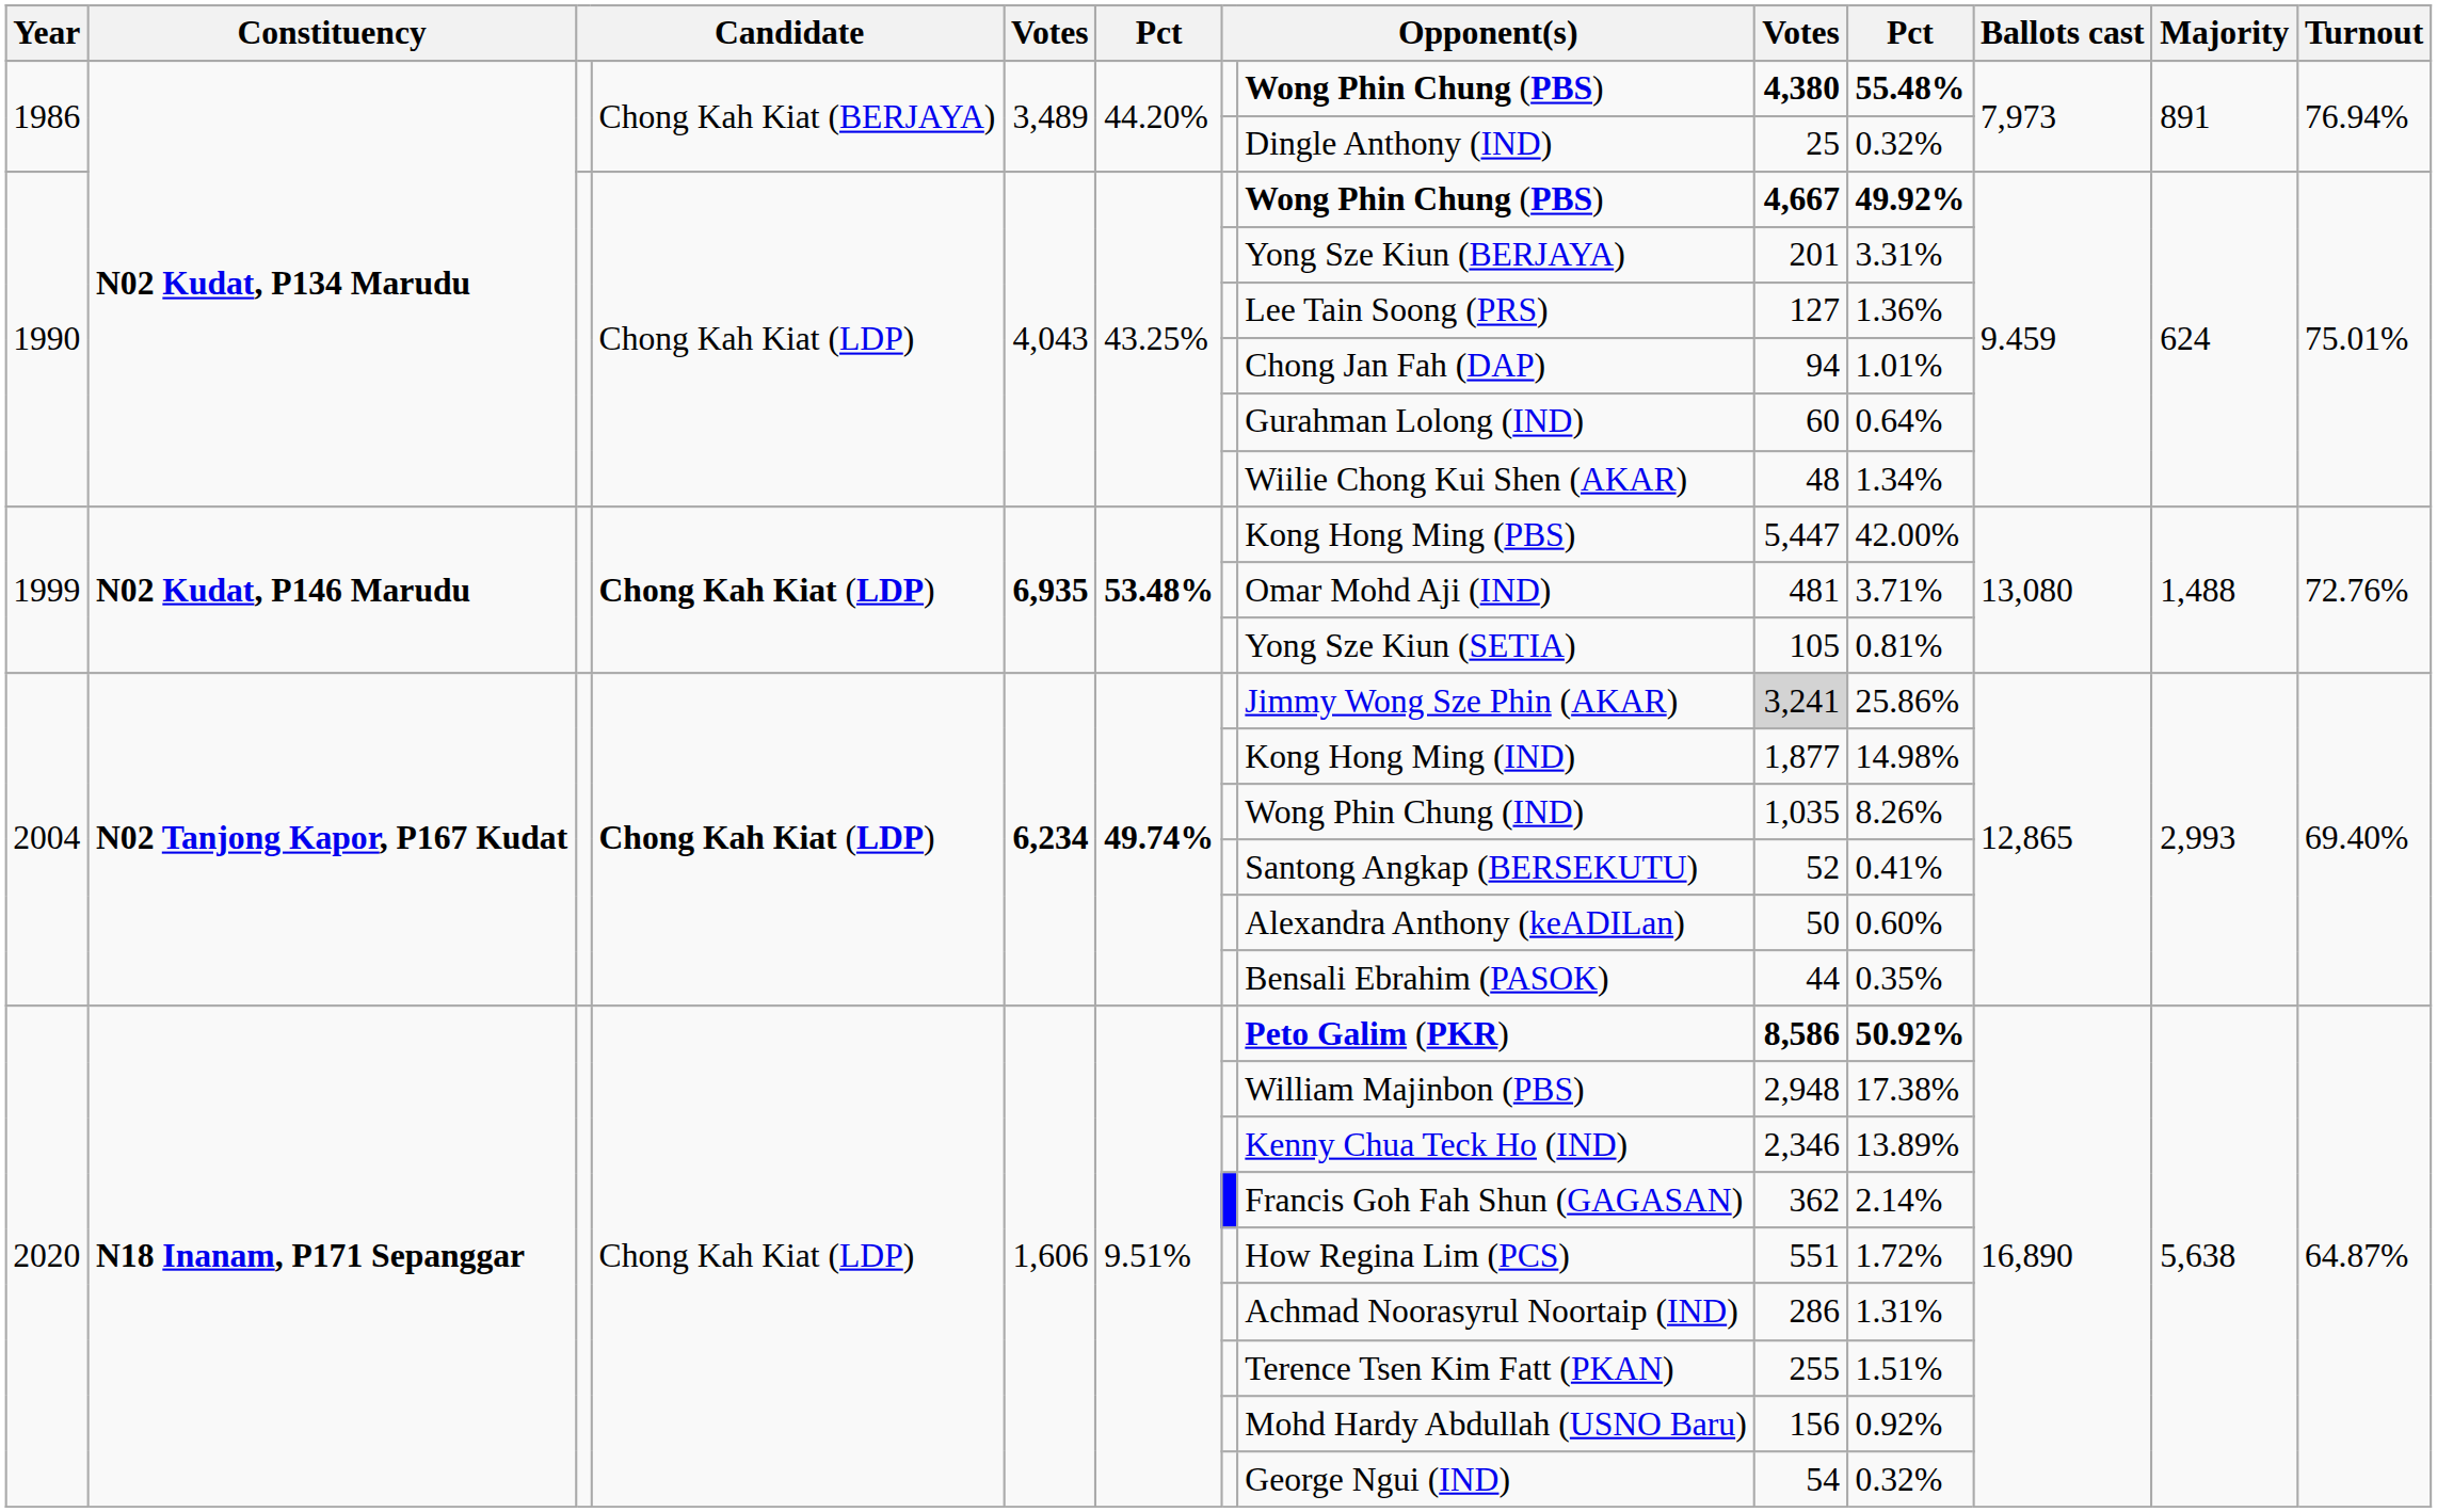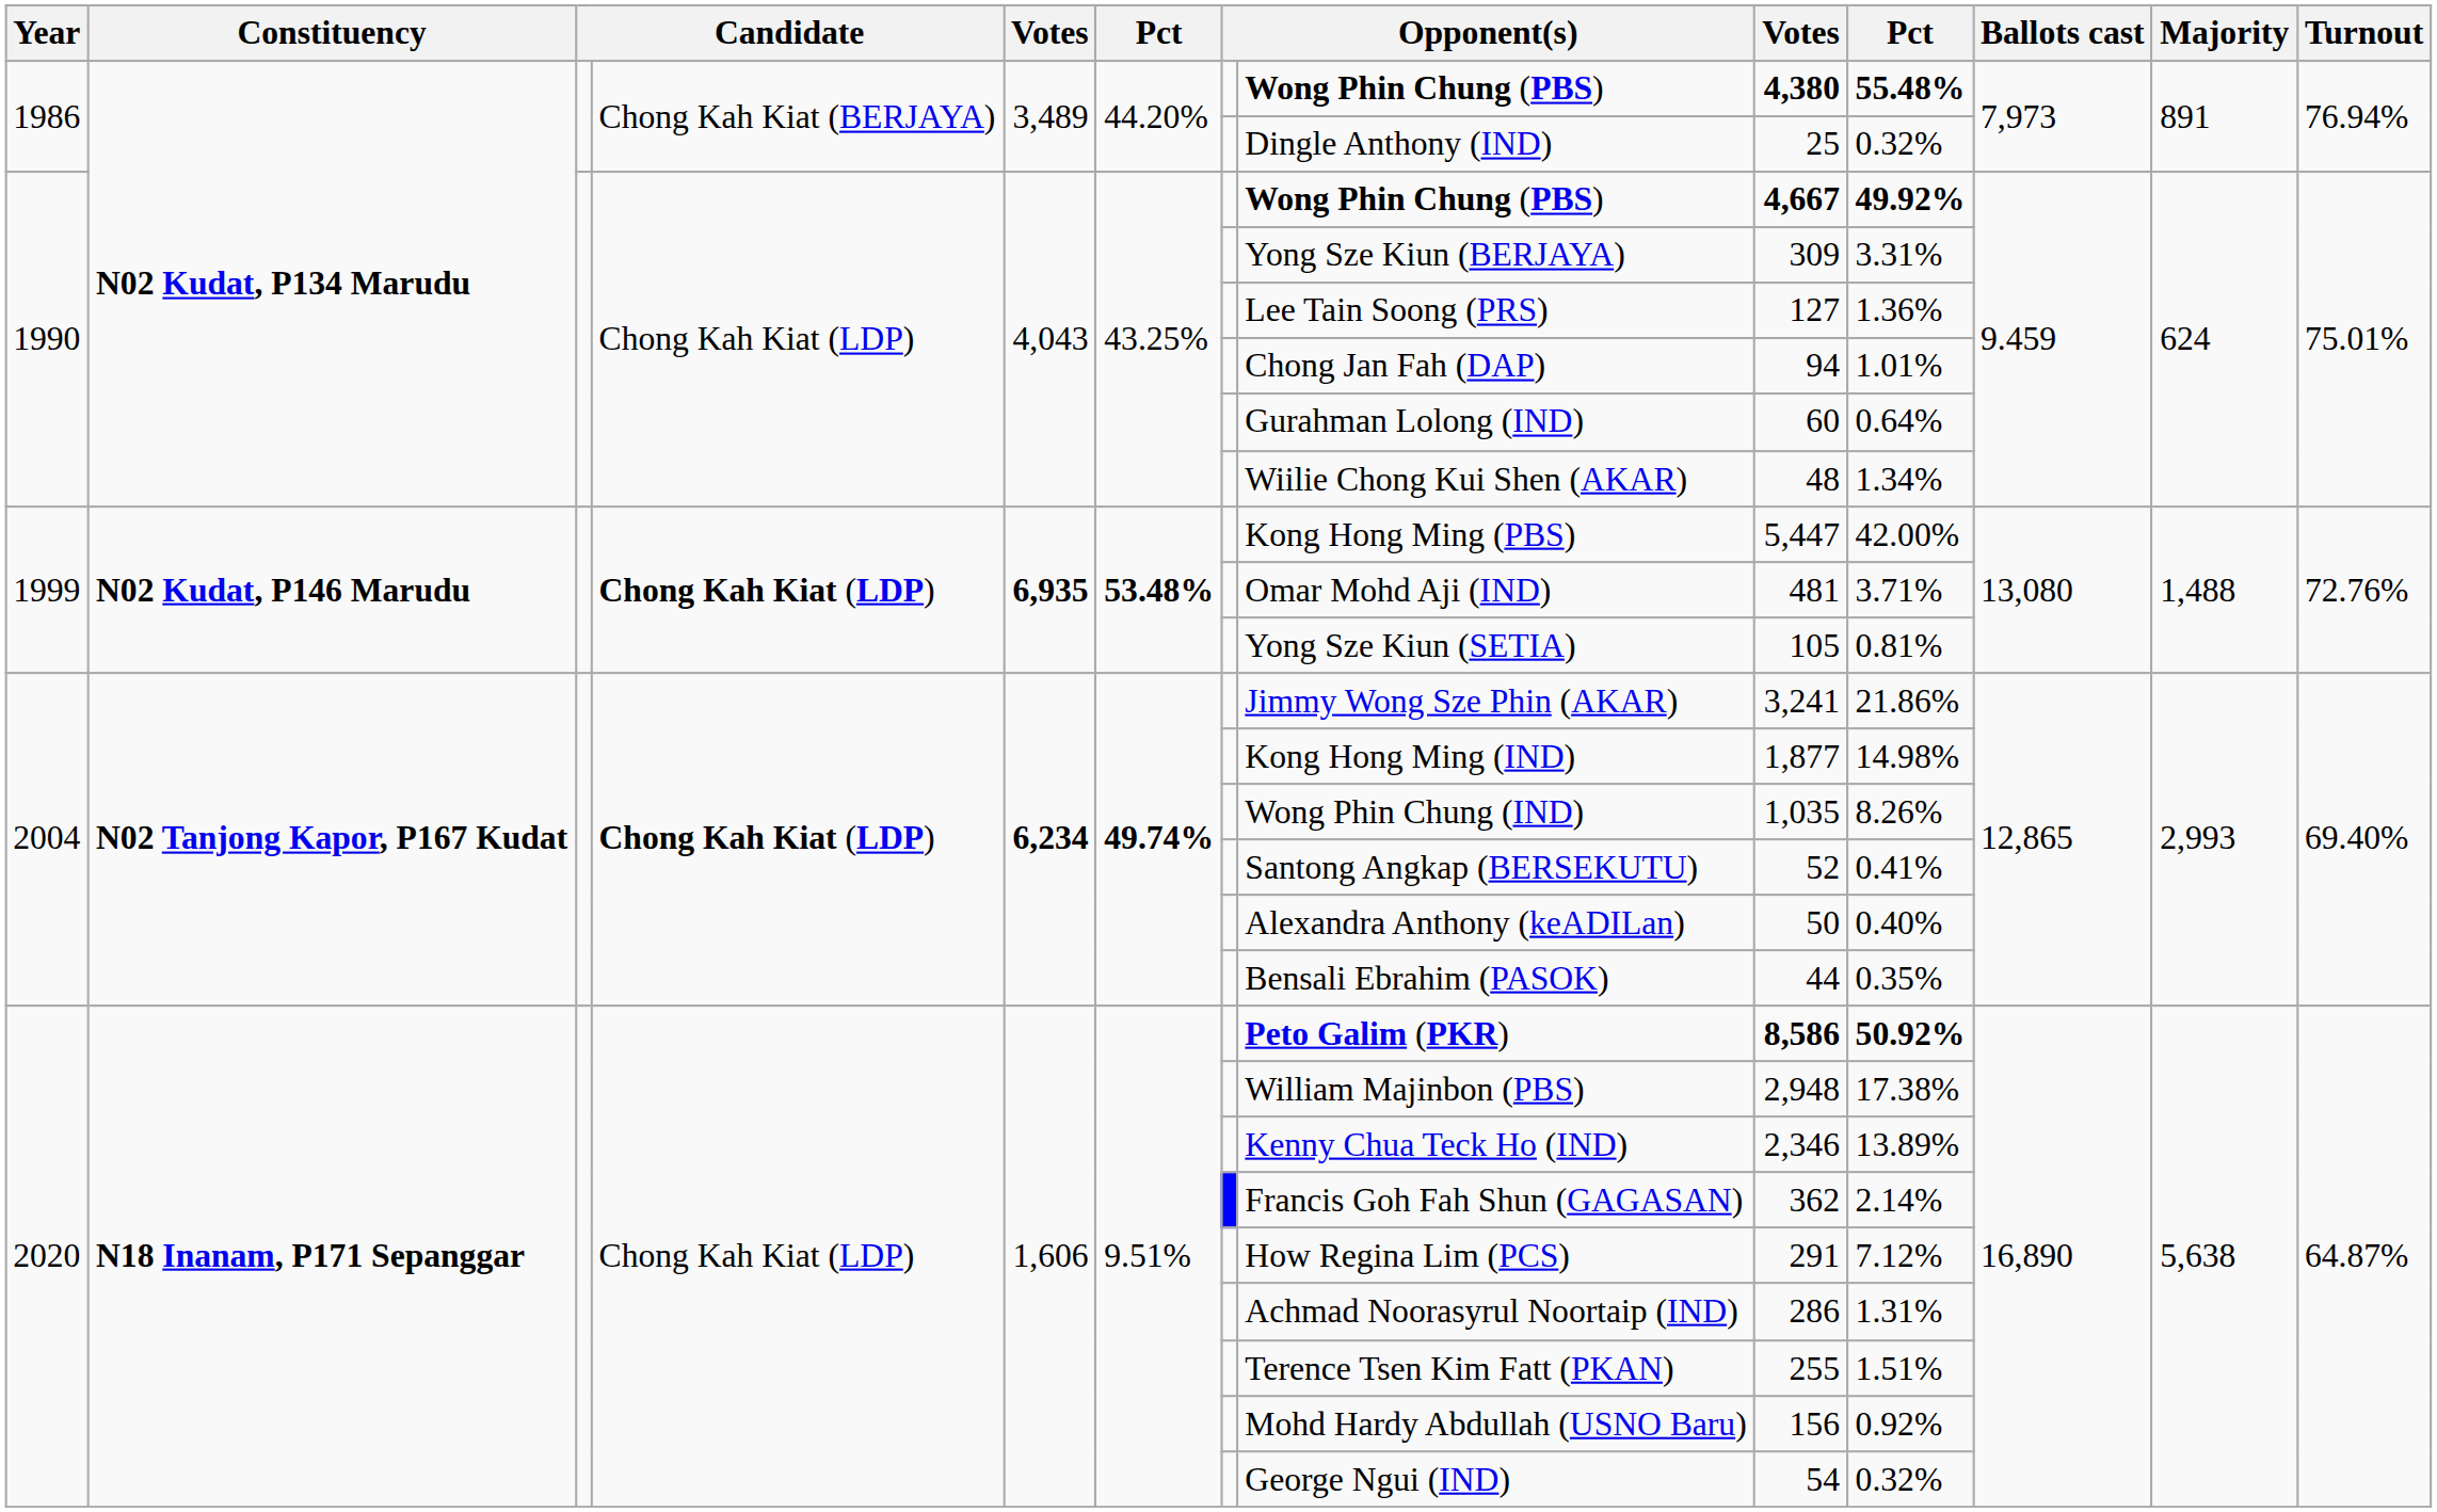 <table class="wikitable" style="margin:0.5em ; font-size:95%">
 <tr>
 <th>Year</th>
 <th>Constituency</th>
 <th colspan=2>Candidate</th>
 <th>Votes</th>
 <th>Pct</th>
 <th colspan=2>Opponent(s)</th>
 <th>Votes</th>
 <th>Pct</th>
 <th>Ballots cast</th>
 <th>Majority</th>
 <th>Turnout</th>
 </tr>
 <tr>
 <td rowspan=2>1986</td>
 <td rowspan=8><strong>N02 <a href='#'>Kudat</a>, P134 Marudu</strong></td>
 <td rowspan=2></td>
 <td rowspan=2>Chong Kah Kiat (<a href='#'>BERJAYA</a>)</td>
 <td rowspan=2 align="right">3,489</td>
 <td rowspan=2>44.20%</td>
 <td></td>
 <td><strong>Wong Phin Chung</strong> (<a href='#'><strong>PBS</strong></a>)</td>
 <td align="right"><strong>4,380</strong></td>
 <td><strong>55.48%</strong></td>
 <td rowspan=2>7,973</td>
 <td rowspan=2>891</td>
 <td rowspan=2>76.94%</td>
 </tr>
 <tr>
 <td></td>
 <td>Dingle Anthony (<a href='#'>IND</a>)</td>
 <td align="right">25</td>
 <td>0.32%</td>
 </tr>
 <tr>
 <td rowspan=6>1990</td>
 <td rowspan=6 ></td>
 <td rowspan=6>Chong Kah Kiat (<a href='#'>LDP</a>)</td>
 <td rowspan=6 align="right">4,043</td>
 <td rowspan=6>43.25%</td>
 <td></td>
 <td><strong>Wong Phin Chung</strong> (<a href='#'><strong>PBS</strong></a>)</td>
 <td align="right"><strong>4,667</strong></td>
 <td><strong>49.92%</strong></td>
 <td rowspan=6>9.459</td>
 <td rowspan=6>624</td>
 <td rowspan=6>75.01%</td>
 </tr>
 <tr>
 <td></td>
 <td>Yong Sze Kiun (<a href='#'>BERJAYA</a>)</td>
-<td align="right">201</td>
+<td align="right">309</td>
 <td>3.31%</td>
 </tr>
 <tr>
 <td></td>
 <td>Lee Tain Soong (<a href='#'>PRS</a>)</td>
 <td align="right">127</td>
 <td>1.36%</td>
 </tr>
 <tr>
 <td></td>
 <td>Chong Jan Fah (<a href='#'>DAP</a>)</td>
 <td align="right">94</td>
 <td>1.01%</td>
 </tr>
 <tr>
 <td></td>
 <td>Gurahman Lolong (<a href='#'>IND</a>)</td>
 <td align="right">60</td>
 <td>0.64%</td>
 </tr>
 <tr>
 <td></td>
 <td>Wiilie Chong Kui Shen (<a href='#'>AKAR</a>)</td>
 <td align="right">48</td>
 <td>1.34%</td>
 </tr>
 <tr>
 <td rowspan=3>1999</td>
 <td rowspan=3><strong>N02 <a href='#'>Kudat</a>, P146 Marudu</strong></td>
 <td rowspan=3 ></td>
 <td rowspan=3><strong>Chong Kah Kiat</strong> (<a href='#'><strong>LDP</strong></a>)</td>
 <td rowspan=3 align="right"><strong>6,935</strong></td>
 <td rowspan=3><strong>53.48%</strong></td>
 <td></td>
 <td>Kong Hong Ming (<a href='#'>PBS</a>)</td>
 <td align="right">5,447</td>
 <td>42.00%</td>
 <td rowspan=3>13,080</td>
 <td rowspan=3>1,488</td>
 <td rowspan=3>72.76%</td>
 </tr>
 <tr>
 <td></td>
 <td>Omar Mohd Aji (<a href='#'>IND</a>)</td>
 <td align="right">481</td>
 <td>3.71%</td>
 </tr>
 <tr>
 <td></td>
 <td>Yong Sze Kiun (<a href='#'>SETIA</a>)</td>
 <td align="right">105</td>
 <td>0.81%</td>
 </tr>
 <tr>
 <td rowspan=6>2004</td>
 <td rowspan=6><strong>N02 <a href='#'>Tanjong Kapor</a>, P167 Kudat</strong></td>
 <td rowspan=6 ></td>
 <td rowspan=6><strong>Chong Kah Kiat</strong> (<a href='#'><strong>LDP</strong></a>)</td>
 <td rowspan=6 align="right"><strong>6,234</strong></td>
 <td rowspan=6><strong>49.74%</strong></td>
 <td></td>
 <td><a href='#'>Jimmy Wong Sze Phin</a> (<a href='#'>AKAR</a>)</td>
-<td align="right" style="background: lightgrey;">3,241</td>
-<td>25.86%</td>
+<td align="right">3,241</td>
+<td>21.86%</td>
 <td rowspan=6>12,865</td>
 <td rowspan=6>2,993</td>
 <td rowspan=6>69.40%</td>
 </tr>
 <tr>
 <td></td>
 <td>Kong Hong Ming (<a href='#'>IND</a>)</td>
 <td align="right">1,877</td>
 <td>14.98%</td>
 </tr>
 <tr>
 <td></td>
 <td>Wong Phin Chung (<a href='#'>IND</a>)</td>
 <td align="right">1,035</td>
 <td>8.26%</td>
 </tr>
 <tr>
 <td></td>
 <td>Santong Angkap (<a href='#'>BERSEKUTU</a>)</td>
 <td align="right">52</td>
 <td>0.41%</td>
 </tr>
 <tr>
 <td></td>
 <td>Alexandra Anthony (<a href='#'>keADILan</a>)</td>
 <td align="right">50</td>
-<td>0.60%</td>
+<td>0.40%</td>
 </tr>
 <tr>
 <td></td>
 <td>Bensali Ebrahim (<a href='#'>PASOK</a>)</td>
 <td align="right">44</td>
 <td>0.35%</td>
 </tr>
 <tr>
 <td rowspan=9>2020</td>
 <td rowspan=9><strong>N18 <a href='#'>Inanam</a>, P171 Sepanggar</strong></td>
 <td rowspan=9 bgcolor=></td>
 <td rowspan=9>Chong Kah Kiat (<a href='#'>LDP</a>)</td>
 <td rowspan=9 align="right">1,606</td>
 <td rowspan=9>9.51%</td>
 <td></td>
 <td><strong><a href='#'>Peto Galim</a></strong> (<a href='#'><strong>PKR</strong></a>)</td>
 <td align="right"><strong>8,586</strong></td>
 <td><strong>50.92%</strong></td>
 <td rowspan=9>16,890</td>
 <td rowspan=9>5,638</td>
 <td rowspan=9>64.87%</td>
 </tr>
 <tr>
 <td></td>
 <td>William Majinbon (<a href='#'>PBS</a>)</td>
 <td align="right">2,948</td>
 <td>17.38%</td>
 </tr>
 <tr>
 <td></td>
 <td><a href='#'>Kenny Chua Teck Ho</a> (<a href='#'>IND</a>)</td>
 <td align="right">2,346</td>
 <td>13.89%</td>
 </tr>
 <tr>
 <td bgcolor=blue></td>
 <td>Francis Goh Fah Shun (<a href='#'>GAGASAN</a>)</td>
 <td align="right">362</td>
 <td>2.14%</td>
 </tr>
 <tr>
 <td></td>
 <td>How Regina Lim (<a href='#'>PCS</a>)</td>
-<td align="right">551</td>
-<td>1.72%</td>
+<td align="right">291</td>
+<td>7.12%</td>
 </tr>
 <tr>
 <td></td>
 <td>Achmad Noorasyrul Noortaip (<a href='#'>IND</a>)</td>
 <td align="right">286</td>
 <td>1.31%</td>
 </tr>
 <tr>
 <td></td>
 <td>Terence Tsen Kim Fatt (<a href='#'>PKAN</a>)</td>
 <td align="right">255</td>
 <td>1.51%</td>
 </tr>
 <tr>
 <td bgcolor=></td>
 <td>Mohd Hardy Abdullah (<a href='#'>USNO Baru</a>)</td>
 <td align="right">156</td>
 <td>0.92%</td>
 </tr>
 <tr>
 <td></td>
 <td>George Ngui (<a href='#'>IND</a>)</td>
 <td align="right">54</td>
 <td>0.32%</td>
 </tr>
 </table>
